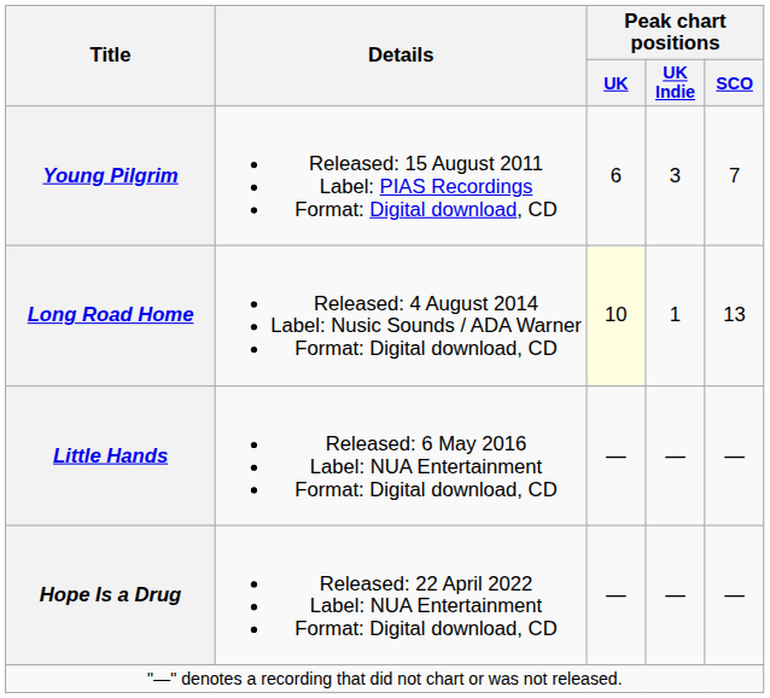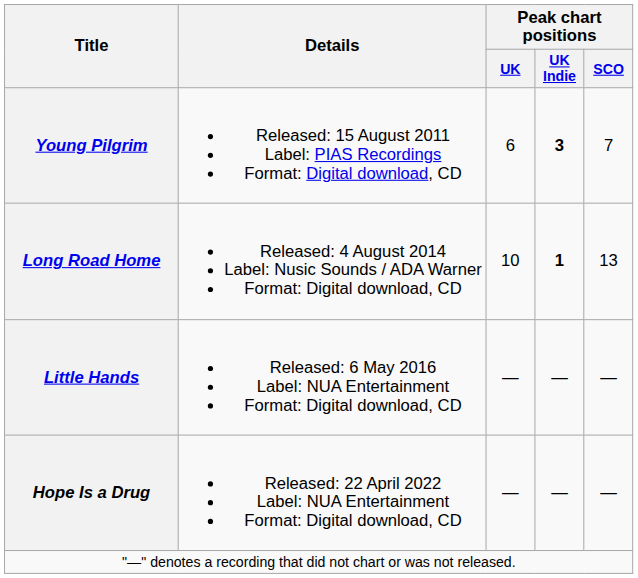 <table class="wikitable plainrowheaders" style="text-align:center;">
 <tr>
 <th scope="col" rowspan="2" style="width:10em;">Title</th>
 <th scope="col" rowspan="2" style="width:18em;">Details</th>
 <th scope="col" colspan="3">Peak chart positions</th>
 </tr>
 <tr>
 <th scope="col" style="width:3em;font-size:85%;"><a href='#'>UK</a><br></th>
 <th scope="col" style="width:3em;font-size:85%;"><a href='#'>UK Indie</a><br></th>
 <th scope="col" style="width:3em;font-size:85%;"><a href='#'>SCO</a><br></th>
 </tr>
 <tr>
 <th scope="row"><em><a href='#'>Young Pilgrim</a></em></th>
 <td><br><ul><li>Released: 15 August 2011</li><li>Label: <a href='#'>PIAS Recordings</a></li><li>Format: <a href='#'>Digital download</a>, CD</li></ul></td>
 <td>6</td>
-<td>3</td>
+<td><strong>3</strong></td>
 <td>7</td>
 </tr>
 <tr>
 <th scope="row"><em><a href='#'>Long Road Home</a></em></th>
 <td><br><ul><li>Released: 4 August 2014</li><li>Label: Nusic Sounds / ADA Warner</li><li>Format: Digital download, CD</li></ul></td>
-<td style="background: lightyellow;">10</td>
-<td>1</td>
+<td>10</td>
+<td><strong>1</strong></td>
 <td>13</td>
 </tr>
 <tr>
 <th scope="row"><em><a href='#'>Little Hands</a></em></th>
 <td><br><ul><li>Released: 6 May 2016</li><li>Label: NUA Entertainment</li><li>Format: Digital download, CD</li></ul></td>
 <td>—</td>
 <td>—</td>
 <td>—</td>
 </tr>
 <tr>
 <th scope="row"><em>Hope Is a Drug</em></th>
 <td><br><ul><li>Released: 22 April 2022</li><li>Label: NUA Entertainment</li><li>Format: Digital download, CD</li></ul></td>
 <td>—</td>
 <td>—</td>
 <td>—</td>
 </tr>
 <tr>
 <td colspan="20" style="text-align:center; font-size:85%;">"—" denotes a recording that did not chart or was not released.</td>
 </tr>
 </table>
